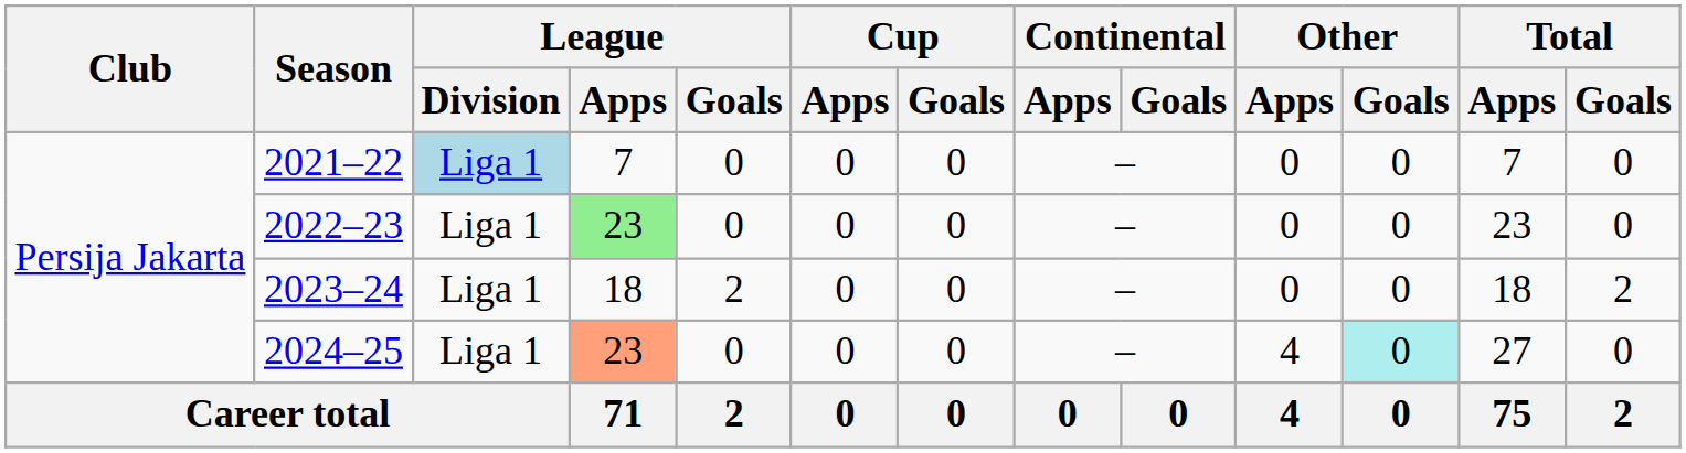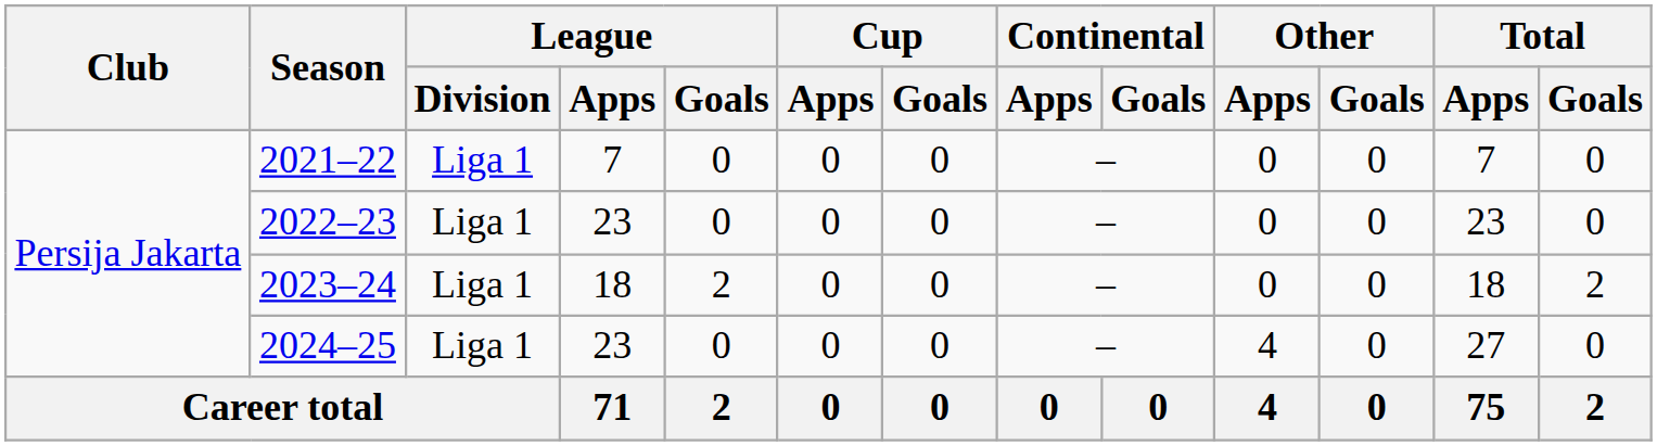 <table class="wikitable" style="text-align: center">
 <tr>
 <th rowspan="2">Club</th>
 <th rowspan="2">Season</th>
 <th colspan="3">League</th>
 <th colspan="2">Cup</th>
 <th colspan="2">Continental</th>
 <th colspan="2">Other</th>
 <th colspan="2">Total</th>
 </tr>
 <tr>
 <th>Division</th>
 <th>Apps</th>
 <th>Goals</th>
 <th>Apps</th>
 <th>Goals</th>
 <th>Apps</th>
 <th>Goals</th>
 <th>Apps</th>
 <th>Goals</th>
 <th>Apps</th>
 <th>Goals</th>
 </tr>
 <tr>
 <td rowspan="4"><a href='#'>Persija Jakarta</a></td>
 <td><a href='#'>2021–22</a></td>
-<td rowspan="1" valign="center" style="background: lightblue;"><a href='#'>Liga 1</a></td>
+<td rowspan="1" valign="center"><a href='#'>Liga 1</a></td>
 <td>7</td>
 <td>0</td>
 <td>0</td>
 <td>0</td>
 <td colspan="2">–</td>
 <td>0</td>
 <td>0</td>
 <td>7</td>
 <td>0</td>
 </tr>
 <tr>
 <td><a href='#'>2022–23</a></td>
 <td rowspan="1" valign="center">Liga 1</td>
-<td style="background: lightgreen;">23</td>
+<td>23</td>
 <td>0</td>
 <td>0</td>
 <td>0</td>
 <td colspan=2>–</td>
 <td>0</td>
 <td>0</td>
 <td>23</td>
 <td>0</td>
 </tr>
 <tr>
 <td><a href='#'>2023–24</a></td>
 <td>Liga 1</td>
 <td>18</td>
 <td>2</td>
 <td>0</td>
 <td>0</td>
 <td colspan="2">–</td>
 <td>0</td>
 <td>0</td>
 <td>18</td>
 <td>2</td>
 </tr>
 <tr>
 <td><a href='#'>2024–25</a></td>
 <td>Liga 1</td>
-<td style="background: lightsalmon;">23</td>
+<td>23</td>
 <td>0</td>
 <td>0</td>
 <td>0</td>
 <td colspan="2">–</td>
 <td>4</td>
-<td style="background: paleturquoise;">0</td>
+<td>0</td>
 <td>27</td>
 <td>0</td>
 </tr>
 <tr>
 <th colspan=3>Career total</th>
 <th>71</th>
 <th>2</th>
 <th>0</th>
 <th>0</th>
 <th>0</th>
 <th>0</th>
 <th>4</th>
 <th>0</th>
 <th>75</th>
 <th>2</th>
 </tr>
 </table>
